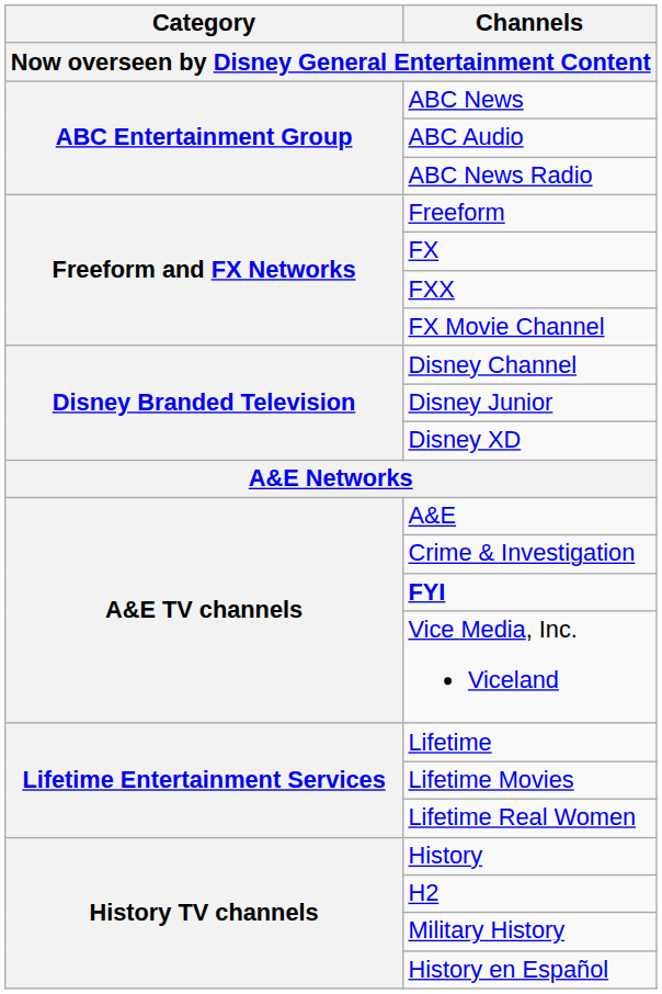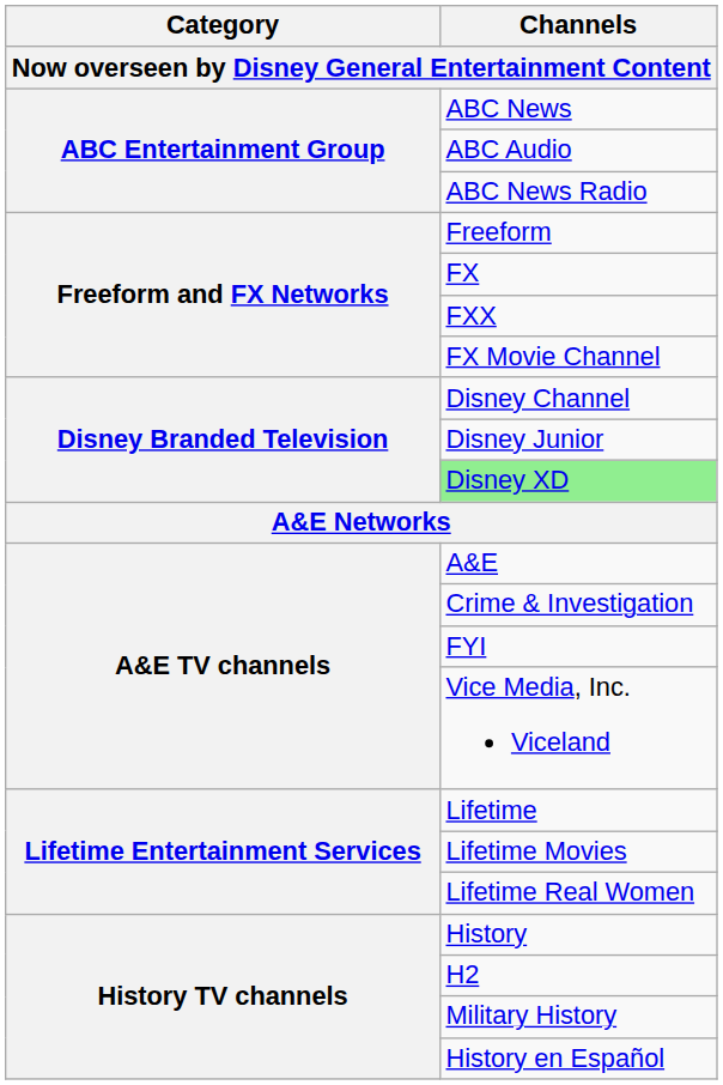 <table class="wikitable sortable">
 <tr>
 <th>Category</th>
 <th>Channels</th>
 </tr>
 <tr>
 <th colspan="2">Now overseen by <a href='#'>Disney General Entertainment Content</a></th>
 </tr>
 <tr>
 <th rowspan="3"><a href='#'>ABC Entertainment Group</a></th>
 <td><a href='#'>ABC News</a></td>
 </tr>
 <tr>
 <td><a href='#'>ABC Audio</a></td>
 </tr>
 <tr>
 <td><a href='#'>ABC News Radio</a></td>
 </tr>
 <tr>
 <th rowspan="4">Freeform and <a href='#'>FX Networks</a></th>
 <td><a href='#'>Freeform</a></td>
 </tr>
 <tr>
 <td><a href='#'>FX</a></td>
 </tr>
 <tr>
 <td><a href='#'>FXX</a></td>
 </tr>
 <tr>
 <td><a href='#'>FX Movie Channel</a></td>
 </tr>
 <tr>
 <th rowspan="3"><a href='#'>Disney Branded Television</a></th>
 <td><a href='#'>Disney Channel</a></td>
 </tr>
 <tr>
 <td><a href='#'>Disney Junior</a></td>
 </tr>
 <tr>
-<td><a href='#'>Disney XD</a></td>
+<td style="background: lightgreen;"><a href='#'>Disney XD</a></td>
 </tr>
 <tr>
 <th colspan="2"><a href='#'>A&E Networks</a></th>
 </tr>
 <tr>
 <th rowspan="4">A&E TV channels</th>
 <td><a href='#'>A&E</a></td>
 </tr>
 <tr>
 <td><a href='#'>Crime & Investigation</a></td>
 </tr>
 <tr>
-<td><strong><a href='#'>FYI</a></strong></td>
+<td><a href='#'>FYI</a></td>
 </tr>
 <tr>
 <td><a href='#'>Vice Media</a>, Inc.<br><ul><li><a href='#'>Viceland</a></li></ul></td>
 </tr>
 <tr>
 <th rowspan="3"><a href='#'>Lifetime Entertainment Services</a></th>
 <td><a href='#'>Lifetime</a></td>
 </tr>
 <tr>
 <td><a href='#'>Lifetime Movies</a></td>
 </tr>
 <tr>
 <td><a href='#'>Lifetime Real Women</a></td>
 </tr>
 <tr>
 <th rowspan="4">History TV channels</th>
 <td><a href='#'>History</a></td>
 </tr>
 <tr>
 <td><a href='#'>H2</a></td>
 </tr>
 <tr>
 <td><a href='#'>Military History</a></td>
 </tr>
 <tr>
 <td><a href='#'>History en Español</a></td>
 </tr>
 </table>
